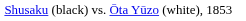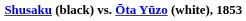 <table style="margin:1em;">
 <tr>
 <td style="border: none; padding: 2px;"><br></td>
 </tr>
 <tr>
-<td style="text-align:center"><a href='#'>Shusaku</a> (black) vs. <a href='#'>Ōta Yūzo</a> (white), 1853</td>
+<td style="text-align:center"><strong><a href='#'>Shusaku</a> (black) vs. <a href='#'>Ōta Yūzo</a> (white), 1853</strong></td>
 </tr>
 </table>
